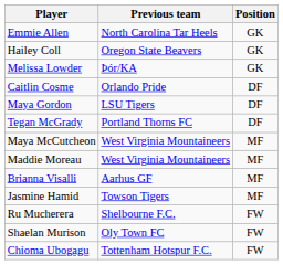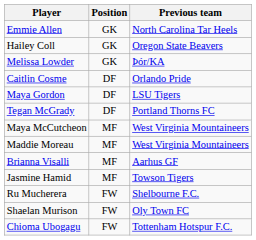 <table class="wikitable" style="text-align:left;">
 <tr>
 <th>Player</th>
+<th>Position</th>
 <th>Previous team</th>
-<th>Position</th>
 </tr>
 <tr>
 <td> <a href='#'>Emmie Allen</a></td>
+<td align="center">GK</td>
 <td> <a href='#'>North Carolina Tar Heels</a></td>
-<td align="center">GK</td>
 </tr>
 <tr>
 <td> Hailey Coll</td>
+<td align="center">GK</td>
 <td> <a href='#'>Oregon State Beavers</a></td>
-<td align="center">GK</td>
 </tr>
 <tr>
 <td> <a href='#'>Melissa Lowder</a></td>
+<td align="center">GK</td>
 <td> <a href='#'>Þór/KA</a></td>
-<td align="center">GK</td>
 </tr>
 <tr>
 <td> <a href='#'>Caitlin Cosme</a></td>
+<td align="center">DF</td>
 <td> <a href='#'>Orlando Pride</a></td>
-<td align="center">DF</td>
 </tr>
 <tr>
 <td> <a href='#'>Maya Gordon</a></td>
+<td align="center">DF</td>
 <td> <a href='#'>LSU Tigers</a></td>
-<td align="center">DF</td>
 </tr>
 <tr>
 <td> <a href='#'>Tegan McGrady</a></td>
+<td align="center">DF</td>
 <td> <a href='#'>Portland Thorns FC</a></td>
-<td align="center">DF</td>
 </tr>
 <tr>
 <td> Maya McCutcheon</td>
+<td align="center">MF</td>
 <td> <a href='#'>West Virginia Mountaineers</a></td>
-<td align="center">MF</td>
 </tr>
 <tr>
 <td> Maddie Moreau</td>
+<td align="center">MF</td>
 <td> <a href='#'>West Virginia Mountaineers</a></td>
-<td align="center">MF</td>
 </tr>
 <tr>
 <td> <a href='#'>Brianna Visalli</a></td>
+<td align="center">MF</td>
 <td> <a href='#'>Aarhus GF</a></td>
-<td align="center">MF</td>
 </tr>
 <tr>
 <td> Jasmine Hamid</td>
+<td align="center">MF</td>
 <td> <a href='#'>Towson Tigers</a></td>
-<td align="center">MF</td>
 </tr>
 <tr>
 <td> Ru Mucherera</td>
+<td align="center">FW</td>
 <td> <a href='#'>Shelbourne F.C.</a></td>
-<td align="center">FW</td>
 </tr>
 <tr>
 <td> Shaelan Murison</td>
+<td align="center">FW</td>
 <td> <a href='#'>Oly Town FC</a></td>
-<td align="center">FW</td>
 </tr>
 <tr>
 <td> <a href='#'>Chioma Ubogagu</a></td>
+<td align="center">FW</td>
 <td> <a href='#'>Tottenham Hotspur F.C.</a></td>
-<td align="center">FW</td>
 </tr>
 </table>
